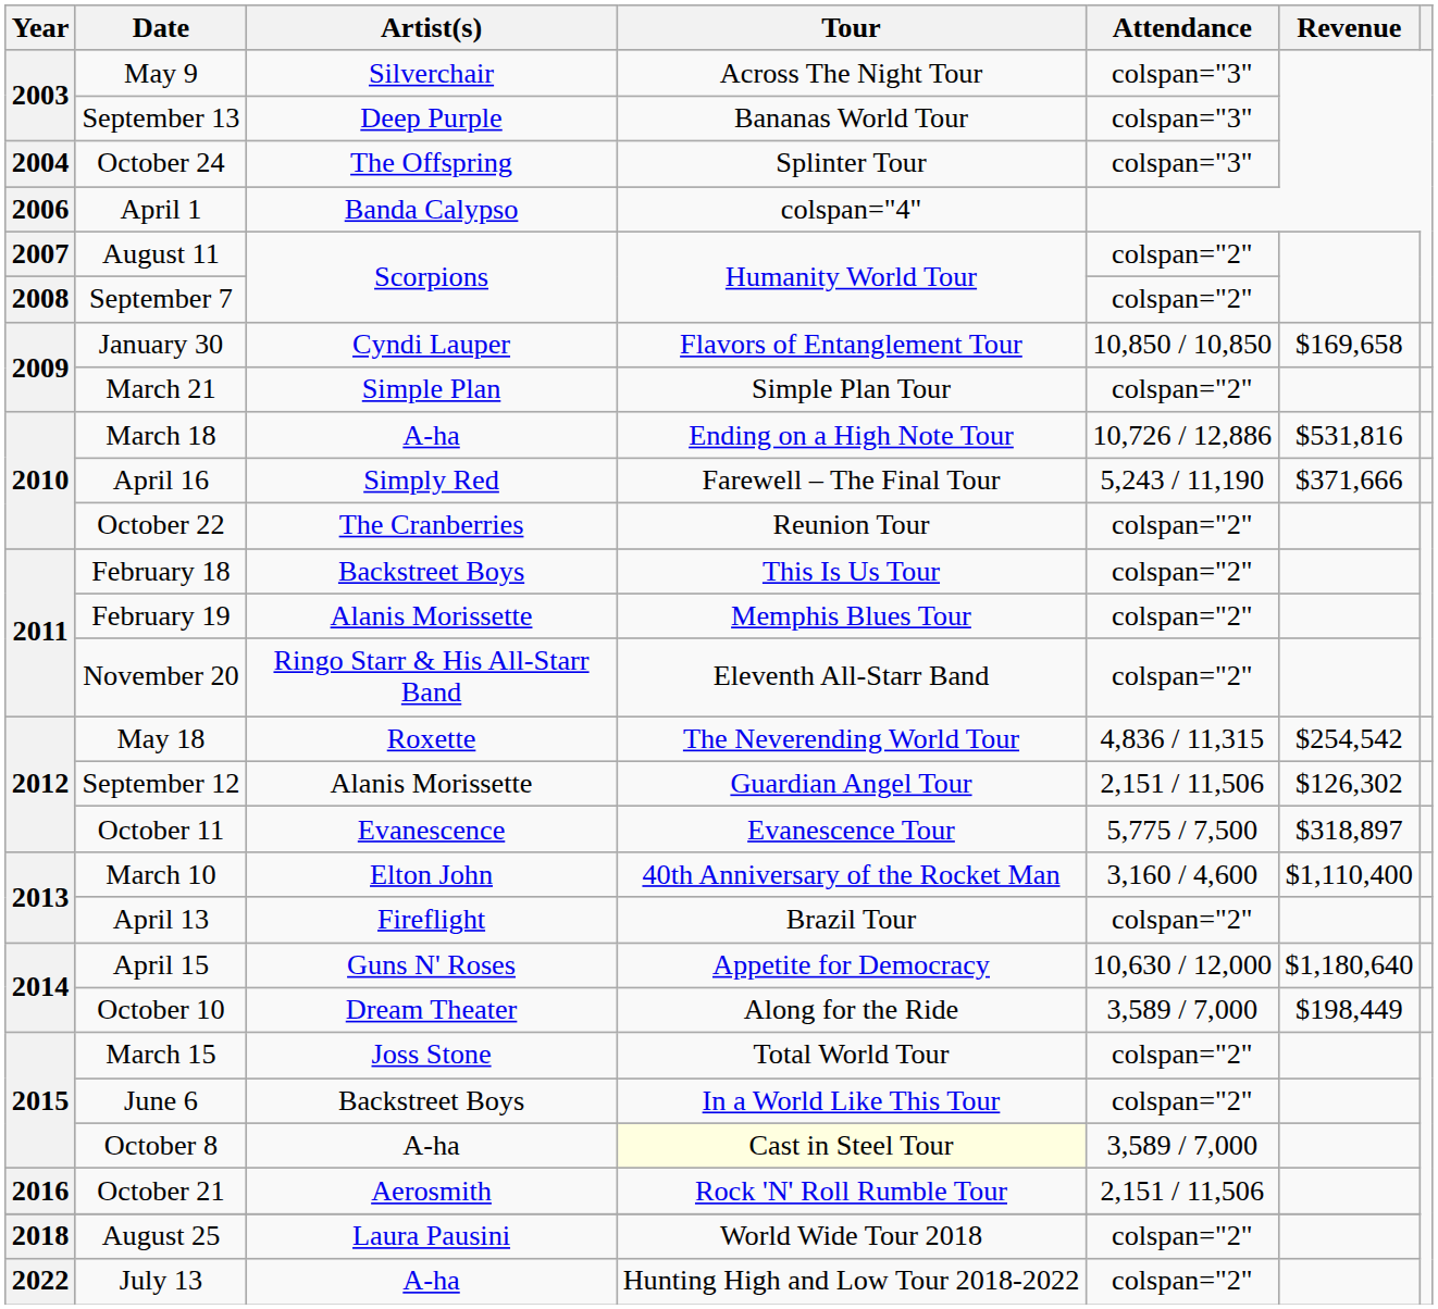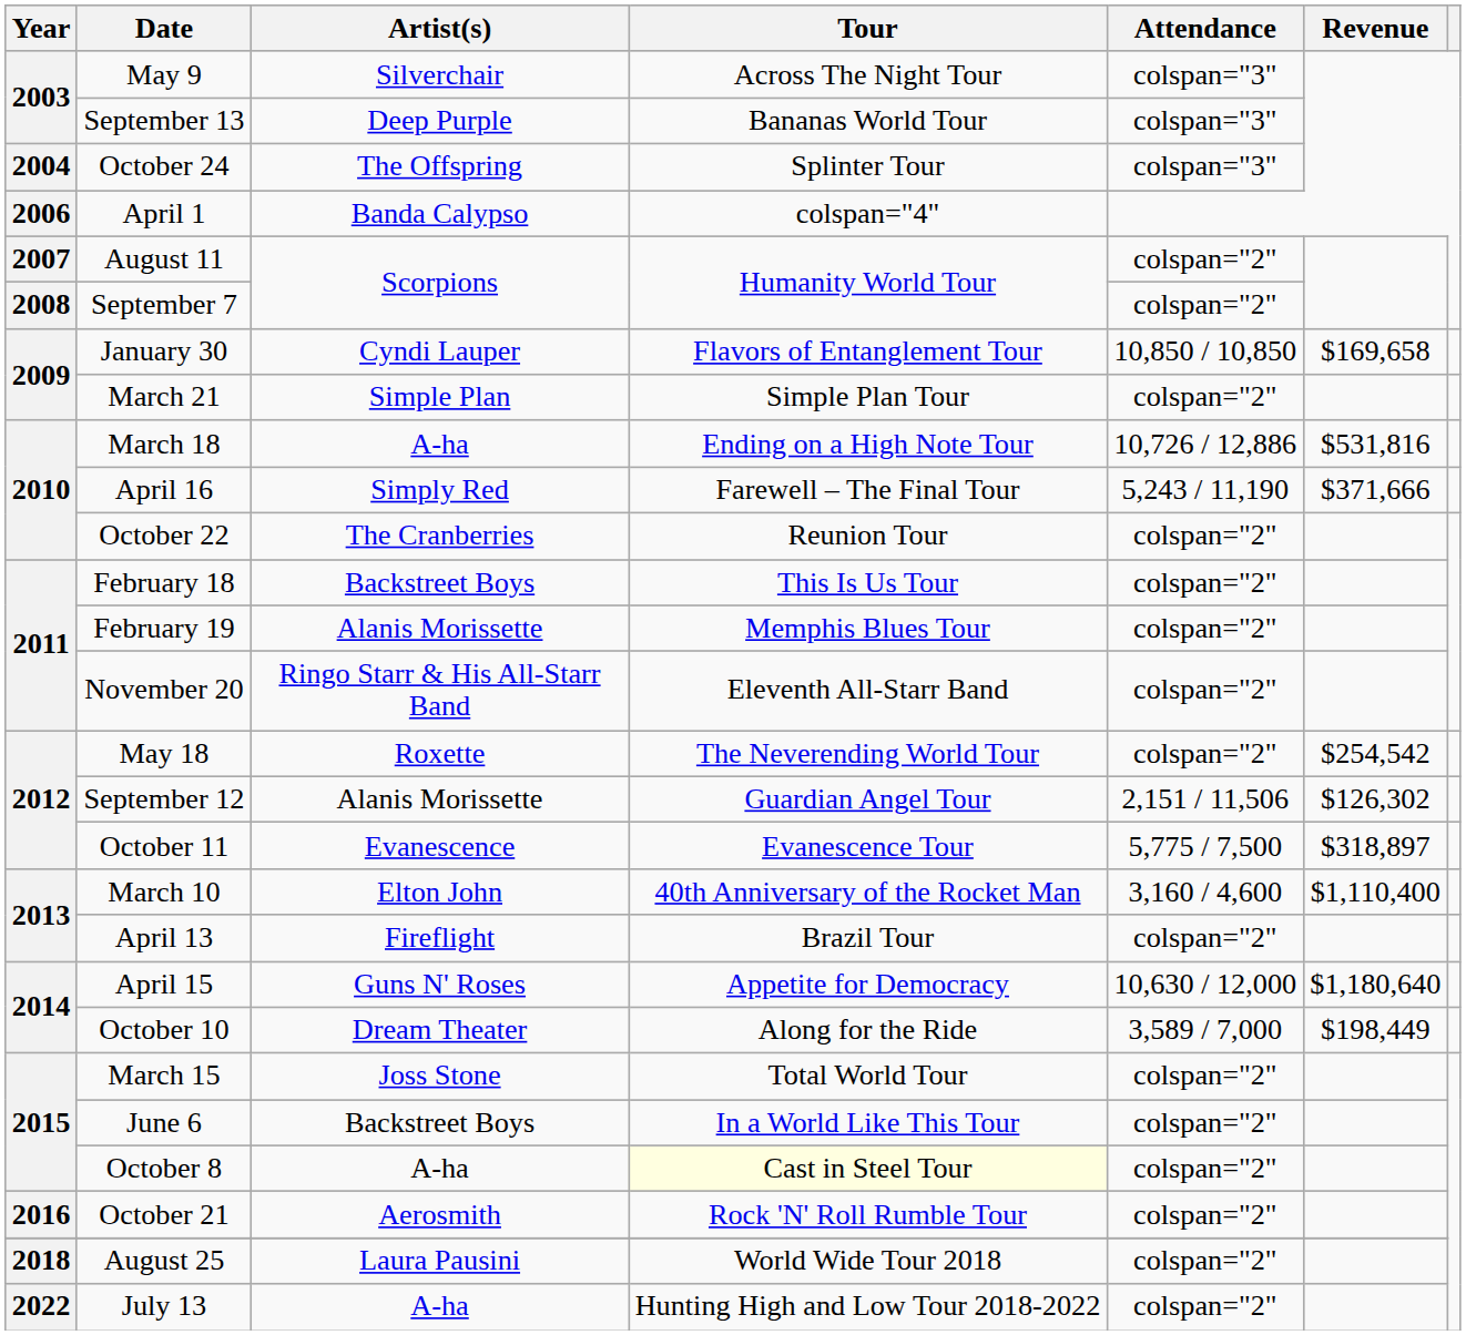 <table class="wikitable" style="text-align:center;">
 <tr>
 <th>Year</th>
 <th>Date</th>
 <th width="200">Artist(s)<br></th>
 <th>Tour</th>
 <th>Attendance</th>
 <th>Revenue</th>
 <th></th>
 </tr>
 <tr>
 <th rowspan="2">2003</th>
 <td>May 9</td>
 <td><a href='#'>Silverchair</a></td>
 <td>Across The Night Tour</td>
 <td>colspan="3" </td>
 </tr>
 <tr>
 <td>September 13</td>
 <td><a href='#'>Deep Purple</a></td>
 <td>Bananas World Tour</td>
 <td>colspan="3" </td>
 </tr>
 <tr>
 <th>2004</th>
 <td>October 24</td>
 <td><a href='#'>The Offspring</a></td>
 <td>Splinter Tour</td>
 <td>colspan="3" </td>
 </tr>
 <tr>
 <th>2006</th>
 <td>April 1</td>
 <td><a href='#'>Banda Calypso</a></td>
 <td>colspan="4" </td>
 </tr>
 <tr>
 <th>2007</th>
 <td>August 11</td>
 <td rowspan="2"><a href='#'>Scorpions</a></td>
 <td rowspan="2"><a href='#'>Humanity World Tour</a></td>
 <td>colspan="2" </td>
 <td rowspan="2"></td>
 </tr>
 <tr>
 <th>2008</th>
 <td>September 7</td>
 <td>colspan="2" </td>
 </tr>
 <tr>
 <th rowspan="2">2009</th>
 <td>January 30</td>
 <td><a href='#'>Cyndi Lauper</a></td>
 <td><a href='#'>Flavors of Entanglement Tour</a></td>
 <td>10,850 / 10,850</td>
 <td>$169,658</td>
 <td></td>
 </tr>
 <tr>
 <td>March 21</td>
 <td><a href='#'>Simple Plan</a></td>
 <td>Simple Plan Tour</td>
 <td>colspan="2" </td>
 <td></td>
 </tr>
 <tr>
 <th rowspan="3">2010</th>
 <td>March 18</td>
 <td><a href='#'>A-ha</a></td>
 <td><a href='#'>Ending on a High Note Tour</a></td>
 <td>10,726 / 12,886</td>
 <td>$531,816</td>
 <td></td>
 </tr>
 <tr>
 <td>April 16</td>
 <td><a href='#'>Simply Red</a></td>
 <td>Farewell – The Final Tour</td>
 <td>5,243 / 11,190</td>
 <td>$371,666</td>
 <td></td>
 </tr>
 <tr>
 <td>October 22</td>
 <td><a href='#'>The Cranberries</a></td>
 <td>Reunion Tour</td>
 <td>colspan="2" </td>
 <td></td>
 </tr>
 <tr>
 <th rowspan="3">2011</th>
 <td>February 18</td>
 <td><a href='#'>Backstreet Boys</a></td>
 <td><a href='#'>This Is Us Tour</a></td>
 <td>colspan="2" </td>
 <td></td>
 </tr>
 <tr>
 <td>February 19</td>
 <td><a href='#'>Alanis Morissette</a></td>
 <td><a href='#'>Memphis Blues Tour</a></td>
 <td>colspan="2" </td>
 <td></td>
 </tr>
 <tr>
 <td>November 20</td>
 <td><a href='#'>Ringo Starr & His All-Starr Band</a></td>
 <td>Eleventh All-Starr Band</td>
 <td>colspan="2" </td>
 <td></td>
 </tr>
 <tr>
 <th rowspan="3">2012</th>
 <td>May 18</td>
 <td><a href='#'>Roxette</a></td>
 <td><a href='#'>The Neverending World Tour</a></td>
-<td>4,836 / 11,315</td>
+<td>colspan="2" </td>
 <td>$254,542</td>
 <td></td>
 </tr>
 <tr>
 <td>September 12</td>
 <td>Alanis Morissette</td>
 <td><a href='#'>Guardian Angel Tour</a></td>
 <td>2,151 / 11,506</td>
 <td>$126,302</td>
 <td></td>
 </tr>
 <tr>
 <td>October 11</td>
 <td><a href='#'>Evanescence</a> <br></td>
 <td><a href='#'>Evanescence Tour</a></td>
 <td>5,775 / 7,500</td>
 <td>$318,897</td>
 <td></td>
 </tr>
 <tr>
 <th rowspan="2">2013</th>
 <td>March 10</td>
 <td><a href='#'>Elton John</a></td>
 <td><a href='#'>40th Anniversary of the Rocket Man</a></td>
 <td>3,160 / 4,600</td>
 <td>$1,110,400</td>
 <td></td>
 </tr>
 <tr>
 <td>April 13</td>
 <td><a href='#'>Fireflight</a><br></td>
 <td>Brazil Tour</td>
 <td>colspan="2" </td>
 <td></td>
 </tr>
 <tr>
 <th rowspan="2">2014</th>
 <td>April 15</td>
 <td><a href='#'>Guns N' Roses</a></td>
 <td><a href='#'>Appetite for Democracy</a></td>
 <td>10,630 / 12,000</td>
 <td>$1,180,640</td>
 <td></td>
 </tr>
 <tr>
 <td>October 10</td>
 <td><a href='#'>Dream Theater</a></td>
 <td>Along for the Ride</td>
 <td>3,589 / 7,000</td>
 <td>$198,449</td>
 <td></td>
 </tr>
 <tr>
 <th rowspan="3">2015</th>
 <td>March 15</td>
 <td><a href='#'>Joss Stone</a></td>
 <td>Total World Tour</td>
 <td>colspan="2" </td>
 <td></td>
 </tr>
 <tr>
 <td>June 6</td>
 <td>Backstreet Boys</td>
 <td><a href='#'>In a World Like This Tour</a></td>
 <td>colspan="2" </td>
 <td></td>
 </tr>
 <tr>
 <td>October 8</td>
 <td>A-ha</td>
 <td style="background: lightyellow;">Cast in Steel Tour</td>
-<td>3,589 / 7,000</td>
+<td>colspan="2" </td>
 <td></td>
 </tr>
 <tr>
 <th>2016</th>
 <td>October 21</td>
 <td><a href='#'>Aerosmith</a></td>
 <td><a href='#'>Rock 'N' Roll Rumble Tour</a></td>
-<td>2,151 / 11,506</td>
+<td>colspan="2" </td>
 <td></td>
 </tr>
 <tr>
 </tr>
 <tr>
 <th>2018</th>
 <td>August 25</td>
 <td><a href='#'>Laura Pausini</a></td>
 <td>World Wide Tour 2018</td>
 <td>colspan="2" </td>
 <td></td>
 </tr>
 <tr>
 <th>2022</th>
 <td>July 13</td>
 <td><a href='#'>A-ha</a></td>
 <td>Hunting High and Low Tour 2018-2022</td>
 <td>colspan="2" </td>
 <td></td>
 </tr>
 </table>
